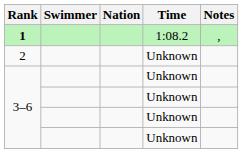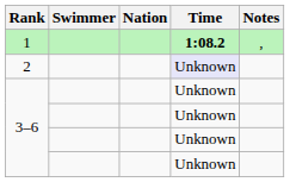 <table class="wikitable sortable" style="text-align:center">
 <tr>
 <th>Rank</th>
 <th>Swimmer</th>
 <th>Nation</th>
 <th>Time</th>
 <th>Notes</th>
 </tr>
 <tr bgcolor=BBF3BB>
-<td><strong>1</strong></td>
+<td>1</td>
 <td align=left></td>
 <td align=left></td>
-<td>1:08.2</td>
+<td><strong>1:08.2</strong></td>
 <td>, </td>
 </tr>
 <tr>
 <td>2</td>
 <td align=left></td>
 <td align=left></td>
-<td>Unknown</td>
+<td style="background: lavender;">Unknown</td>
 <td></td>
 </tr>
 <tr>
 <td rowspan=4>3–6</td>
 <td align=left></td>
 <td align=left></td>
 <td>Unknown</td>
 <td></td>
 </tr>
 <tr>
 <td align=left></td>
 <td align=left></td>
 <td>Unknown</td>
 <td></td>
 </tr>
 <tr>
 <td align=left></td>
 <td align=left></td>
 <td>Unknown</td>
 <td></td>
 </tr>
 <tr>
 <td align=left></td>
 <td align=left></td>
 <td>Unknown</td>
 <td></td>
 </tr>
 </table>
